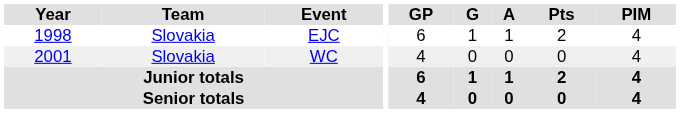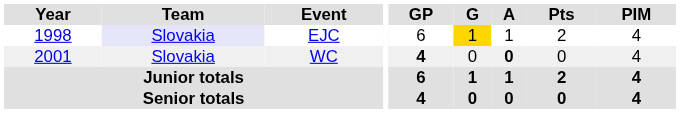 <table border="0" cellpadding="1" cellspacing="0" ID="Table3" style="text-align:center; width:40em">
 <tr bgcolor="#e0e0e0">
 <th>Year</th>
 <th>Team</th>
 <th>Event</th>
 <th rowspan="102" bgcolor="#ffffff"></th>
 <th>GP</th>
 <th>G</th>
 <th>A</th>
 <th>Pts</th>
 <th>PIM</th>
 </tr>
 <tr>
 <td><a href='#'>1998</a></td>
-<td><a href='#'>Slovakia</a></td>
+<td style="background: lavender;"><a href='#'>Slovakia</a></td>
 <td><a href='#'>EJC</a></td>
 <td>6</td>
-<td>1</td>
+<td style="background: gold;">1</td>
 <td>1</td>
 <td>2</td>
 <td>4</td>
 </tr>
 <tr bgcolor="#f0f0f0">
 <td><a href='#'>2001</a></td>
 <td><a href='#'>Slovakia</a></td>
 <td><a href='#'>WC</a></td>
-<td>4</td>
+<td><strong>4</strong></td>
 <td>0</td>
-<td>0</td>
+<td><strong>0</strong></td>
 <td>0</td>
 <td>4</td>
 </tr>
 <tr bgcolor="#e0e0e0">
 <th colspan="3">Junior totals</th>
 <th>6</th>
 <th>1</th>
 <th>1</th>
 <th>2</th>
 <th>4</th>
 </tr>
 <tr bgcolor="#e0e0e0">
 <th colspan="3">Senior totals</th>
 <th>4</th>
 <th>0</th>
 <th>0</th>
 <th>0</th>
 <th>4</th>
 </tr>
 </table>
